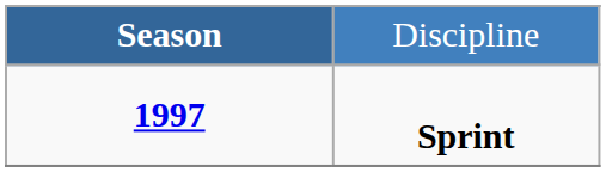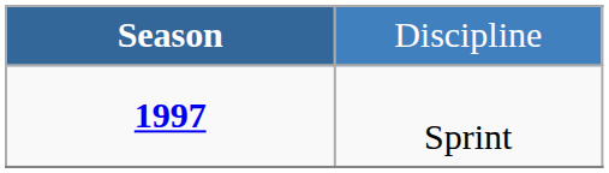 <table class="wikitable" style="font-size:95%; text-align:center; border:grey solid 1px; border-collapse:collapse;" width="20%">
 <tr style="background-color:#369; color:white;">
 <td rowspan="2" colspan="1" width="10%"><strong>Season</strong></td>
 </tr>
 <tr style="background-color:#4180be; color:white;">
 <td width="5%">Discipline</td>
 </tr>
 <tr>
 <td><strong><a href='#'>1997</a></strong></td>
-<td><strong><br>Sprint</strong></td>
+<td><br>Sprint</td>
 </tr>
 <tr>
 </tr>
 </table>
